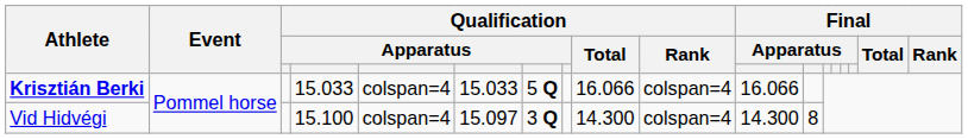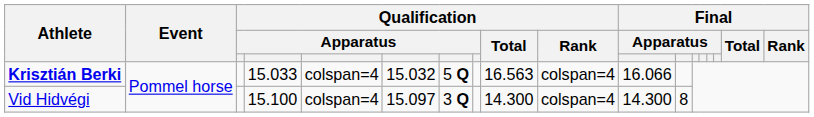 <table class=wikitable style="font-size:90%;">
 <tr>
 <th rowspan=3>Athlete</th>
 <th rowspan=3>Event</th>
 <th colspan =8>Qualification</th>
 <th colspan =8>Final</th>
 </tr>
 <tr style="font-size:95%">
 <th colspan=6>Apparatus</th>
 <th rowspan=2>Total</th>
 <th rowspan=2>Rank</th>
 <th colspan=6>Apparatus</th>
 <th rowspan=2>Total</th>
 <th rowspan=2>Rank</th>
 </tr>
 <tr style="font-size:95%">
 <th></th>
 <th></th>
 <th></th>
 <th></th>
 <th></th>
 <th></th>
 <th></th>
 <th></th>
 <th></th>
 <th></th>
 <th></th>
 <th></th>
 </tr>
 <tr align=center>
 <td align=left><strong><a href='#'>Krisztián Berki</a></strong></td>
 <td rowspan=2 align=left><a href='#'>Pommel horse</a></td>
 <td></td>
 <td>15.033</td>
 <td>colspan=4 </td>
-<td>15.033</td>
+<td>15.032</td>
 <td>5 <strong>Q</strong></td>
 <td></td>
-<td>16.066</td>
+<td>16.563</td>
 <td>colspan=4 </td>
 <td>16.066</td>
 <td></td>
 </tr>
 <tr align=center>
 <td align=left><a href='#'>Vid Hidvégi</a></td>
 <td></td>
 <td>15.100</td>
 <td>colspan=4 </td>
 <td>15.097</td>
 <td>3 <strong>Q</strong></td>
 <td></td>
 <td>14.300</td>
 <td>colspan=4 </td>
 <td>14.300</td>
 <td>8</td>
 </tr>
 </table>
